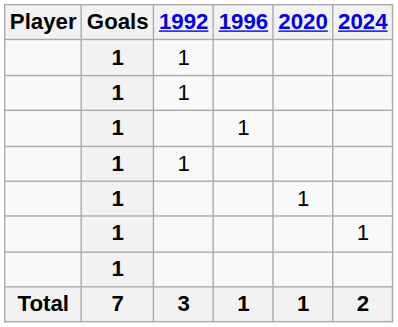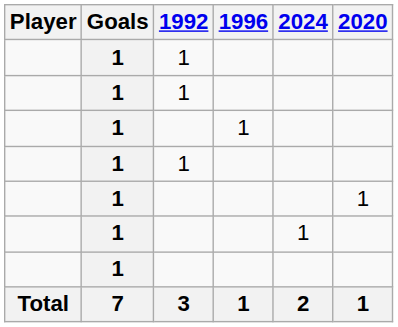 <table class="wikitable sortable" style="text-align:center;">
 <tr>
 <th>Player</th>
 <th>Goals</th>
 <th><a href='#'>1992</a></th>
 <th><a href='#'>1996</a></th>
+<th><a href='#'>2024</a></th>
 <th><a href='#'>2020</a></th>
-<th><a href='#'>2024</a></th>
 </tr>
 <tr>
 <td align="left"></td>
 <th>1</th>
 <td>1</td>
 <td></td>
 <td></td>
 <td></td>
 </tr>
 <tr>
 <td align="left"></td>
 <th>1</th>
 <td>1</td>
 <td></td>
 <td></td>
 <td></td>
 </tr>
 <tr>
 <td align="left"></td>
 <th>1</th>
 <td></td>
 <td>1</td>
 <td></td>
 <td></td>
 </tr>
 <tr>
 <td align="left"></td>
 <th>1</th>
 <td>1</td>
 <td></td>
 <td></td>
 <td></td>
 </tr>
 <tr>
 <td align="left"></td>
 <th>1</th>
 <td></td>
 <td></td>
+<td></td>
 <td>1</td>
-<td></td>
 </tr>
 <tr>
 <td align="left"></td>
 <th>1</th>
 <td></td>
 <td></td>
+<td>1</td>
 <td></td>
-<td>1</td>
 </tr>
 <tr>
 <td align="left"></td>
 <th>1</th>
 <td></td>
 <td></td>
 <td></td>
 <td></td>
 </tr>
 <tr class="sortbottom">
 <th>Total</th>
 <th>7</th>
 <th>3</th>
 <th>1</th>
+<th>2</th>
 <th>1</th>
-<th>2</th>
 </tr>
 </table>
